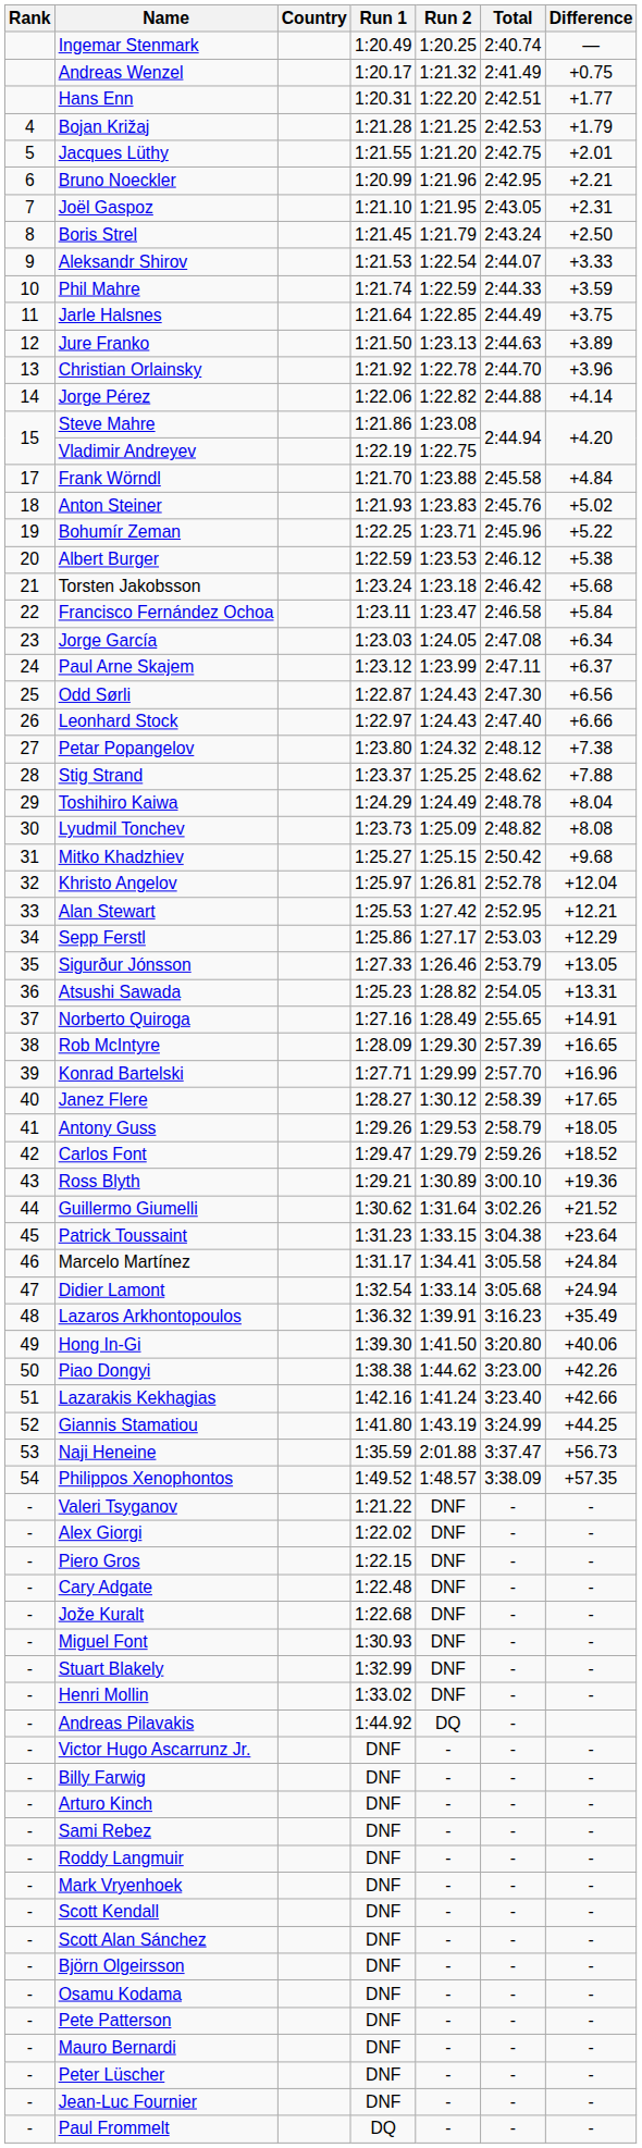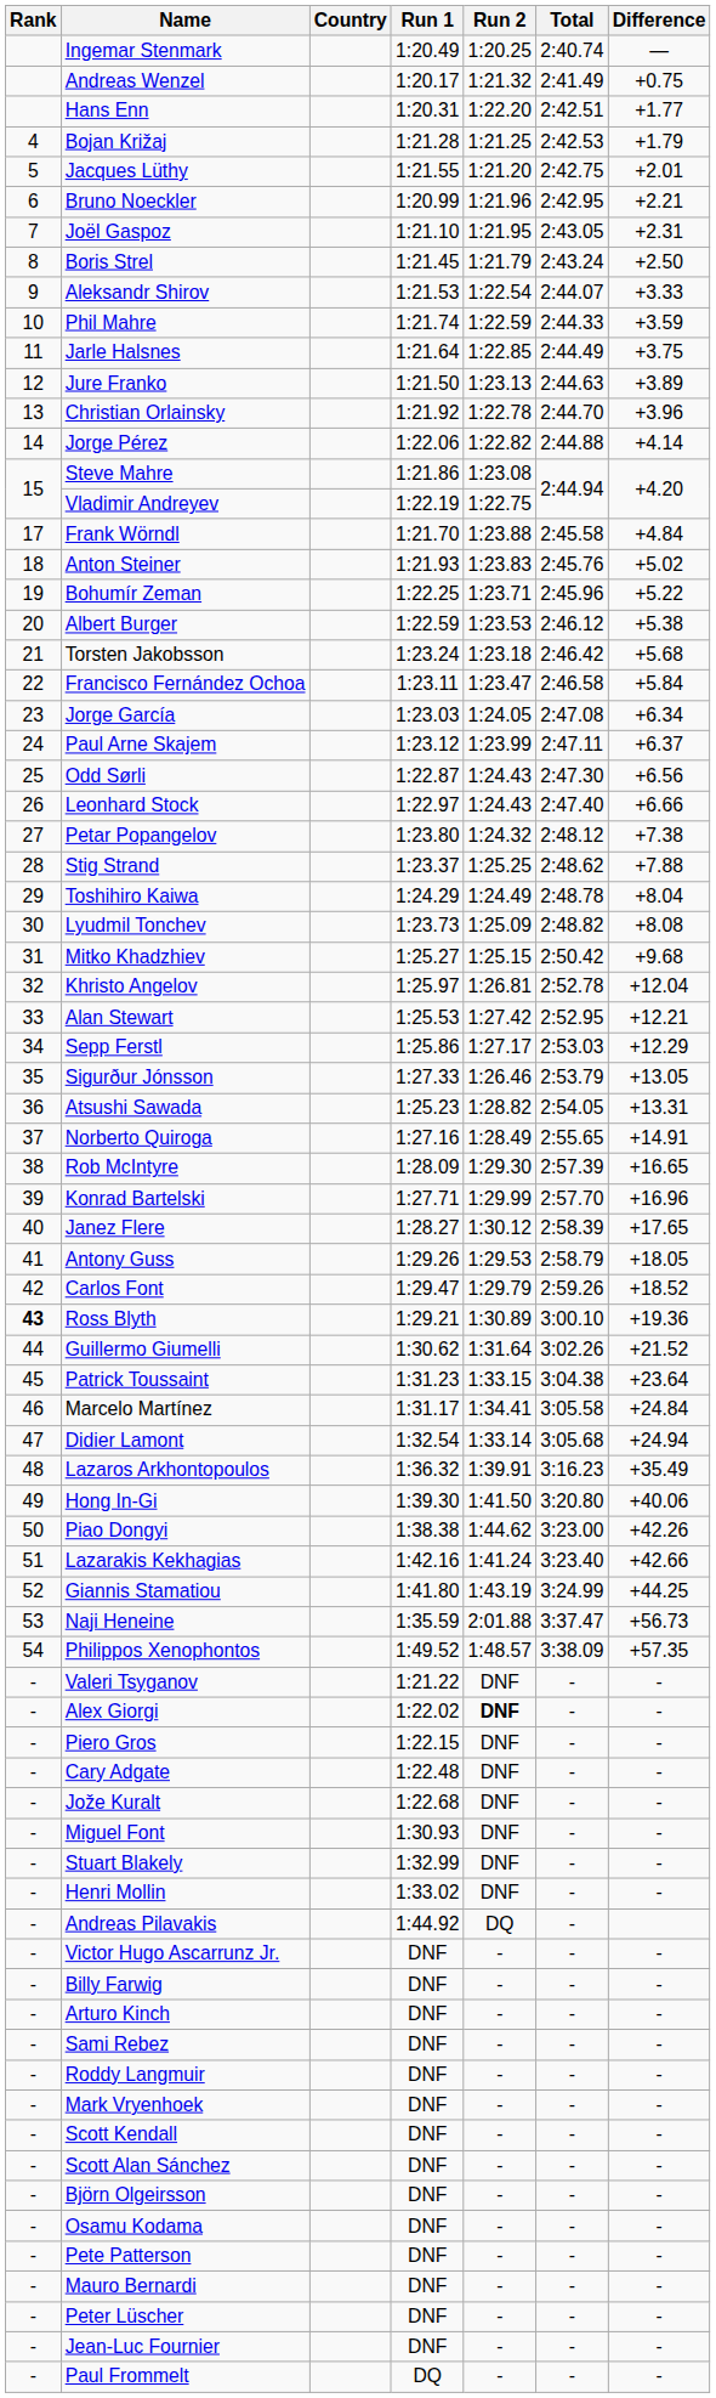 <table class="wikitable sortable" style="text-align:center">
 <tr>
 <th>Rank</th>
 <th>Name</th>
 <th>Country</th>
 <th>Run 1</th>
 <th>Run 2</th>
 <th>Total</th>
 <th>Difference</th>
 </tr>
 <tr>
 <td></td>
 <td align=left><a href='#'>Ingemar Stenmark</a></td>
 <td align=left></td>
 <td>1:20.49</td>
 <td>1:20.25</td>
 <td>2:40.74</td>
 <td>—</td>
 </tr>
 <tr>
 <td></td>
 <td align=left><a href='#'>Andreas Wenzel</a></td>
 <td align=left></td>
 <td>1:20.17</td>
 <td>1:21.32</td>
 <td>2:41.49</td>
 <td>+0.75</td>
 </tr>
 <tr>
 <td></td>
 <td align=left><a href='#'>Hans Enn</a></td>
 <td align=left></td>
 <td>1:20.31</td>
 <td>1:22.20</td>
 <td>2:42.51</td>
 <td>+1.77</td>
 </tr>
 <tr>
 <td>4</td>
 <td align=left><a href='#'>Bojan Križaj</a></td>
 <td align=left></td>
 <td>1:21.28</td>
 <td>1:21.25</td>
 <td>2:42.53</td>
 <td>+1.79</td>
 </tr>
 <tr>
 <td>5</td>
 <td align=left><a href='#'>Jacques Lüthy</a></td>
 <td align=left></td>
 <td>1:21.55</td>
 <td>1:21.20</td>
 <td>2:42.75</td>
 <td>+2.01</td>
 </tr>
 <tr>
 <td>6</td>
 <td align=left><a href='#'>Bruno Noeckler</a></td>
 <td align=left></td>
 <td>1:20.99</td>
 <td>1:21.96</td>
 <td>2:42.95</td>
 <td>+2.21</td>
 </tr>
 <tr>
 <td>7</td>
 <td align=left><a href='#'>Joël Gaspoz</a></td>
 <td align=left></td>
 <td>1:21.10</td>
 <td>1:21.95</td>
 <td>2:43.05</td>
 <td>+2.31</td>
 </tr>
 <tr>
 <td>8</td>
 <td align=left><a href='#'>Boris Strel</a></td>
 <td align=left></td>
 <td>1:21.45</td>
 <td>1:21.79</td>
 <td>2:43.24</td>
 <td>+2.50</td>
 </tr>
 <tr>
 <td>9</td>
 <td align=left><a href='#'>Aleksandr Shirov</a></td>
 <td align=left></td>
 <td>1:21.53</td>
 <td>1:22.54</td>
 <td>2:44.07</td>
 <td>+3.33</td>
 </tr>
 <tr>
 <td>10</td>
 <td align=left><a href='#'>Phil Mahre</a></td>
 <td align=left></td>
 <td>1:21.74</td>
 <td>1:22.59</td>
 <td>2:44.33</td>
 <td>+3.59</td>
 </tr>
 <tr>
 <td>11</td>
 <td align=left><a href='#'>Jarle Halsnes</a></td>
 <td align=left></td>
 <td>1:21.64</td>
 <td>1:22.85</td>
 <td>2:44.49</td>
 <td>+3.75</td>
 </tr>
 <tr>
 <td>12</td>
 <td align=left><a href='#'>Jure Franko</a></td>
 <td align=left></td>
 <td>1:21.50</td>
 <td>1:23.13</td>
 <td>2:44.63</td>
 <td>+3.89</td>
 </tr>
 <tr>
 <td>13</td>
 <td align=left><a href='#'>Christian Orlainsky</a></td>
 <td align=left></td>
 <td>1:21.92</td>
 <td>1:22.78</td>
 <td>2:44.70</td>
 <td>+3.96</td>
 </tr>
 <tr>
 <td>14</td>
 <td align=left><a href='#'>Jorge Pérez</a></td>
 <td align=left></td>
 <td>1:22.06</td>
 <td>1:22.82</td>
 <td>2:44.88</td>
 <td>+4.14</td>
 </tr>
 <tr>
 <td rowspan=2>15</td>
 <td align=left><a href='#'>Steve Mahre</a></td>
 <td align=left></td>
 <td>1:21.86</td>
 <td>1:23.08</td>
 <td rowspan=2>2:44.94</td>
 <td rowspan=2>+4.20</td>
 </tr>
 <tr>
 <td align=left><a href='#'>Vladimir Andreyev</a></td>
 <td align=left></td>
 <td>1:22.19</td>
 <td>1:22.75</td>
 </tr>
 <tr>
 <td>17</td>
 <td align=left><a href='#'>Frank Wörndl</a></td>
 <td align=left></td>
 <td>1:21.70</td>
 <td>1:23.88</td>
 <td>2:45.58</td>
 <td>+4.84</td>
 </tr>
 <tr>
 <td>18</td>
 <td align=left><a href='#'>Anton Steiner</a></td>
 <td align=left></td>
 <td>1:21.93</td>
 <td>1:23.83</td>
 <td>2:45.76</td>
 <td>+5.02</td>
 </tr>
 <tr>
 <td>19</td>
 <td align=left><a href='#'>Bohumír Zeman</a></td>
 <td align=left></td>
 <td>1:22.25</td>
 <td>1:23.71</td>
 <td>2:45.96</td>
 <td>+5.22</td>
 </tr>
 <tr>
 <td>20</td>
 <td align=left><a href='#'>Albert Burger</a></td>
 <td align=left></td>
 <td>1:22.59</td>
 <td>1:23.53</td>
 <td>2:46.12</td>
 <td>+5.38</td>
 </tr>
 <tr>
 <td>21</td>
 <td align=left>Torsten Jakobsson</td>
 <td align=left></td>
 <td>1:23.24</td>
 <td>1:23.18</td>
 <td>2:46.42</td>
 <td>+5.68</td>
 </tr>
 <tr>
 <td>22</td>
 <td align=left><a href='#'>Francisco Fernández Ochoa</a></td>
 <td align=left></td>
 <td>1:23.11</td>
 <td>1:23.47</td>
 <td>2:46.58</td>
 <td>+5.84</td>
 </tr>
 <tr>
 <td>23</td>
 <td align=left><a href='#'>Jorge García</a></td>
 <td align=left></td>
 <td>1:23.03</td>
 <td>1:24.05</td>
 <td>2:47.08</td>
 <td>+6.34</td>
 </tr>
 <tr>
 <td>24</td>
 <td align=left><a href='#'>Paul Arne Skajem</a></td>
 <td align=left></td>
 <td>1:23.12</td>
 <td>1:23.99</td>
 <td>2:47.11</td>
 <td>+6.37</td>
 </tr>
 <tr>
 <td>25</td>
 <td align=left><a href='#'>Odd Sørli</a></td>
 <td align=left></td>
 <td>1:22.87</td>
 <td>1:24.43</td>
 <td>2:47.30</td>
 <td>+6.56</td>
 </tr>
 <tr>
 <td>26</td>
 <td align=left><a href='#'>Leonhard Stock</a></td>
 <td align=left></td>
 <td>1:22.97</td>
 <td>1:24.43</td>
 <td>2:47.40</td>
 <td>+6.66</td>
 </tr>
 <tr>
 <td>27</td>
 <td align=left><a href='#'>Petar Popangelov</a></td>
 <td align=left></td>
 <td>1:23.80</td>
 <td>1:24.32</td>
 <td>2:48.12</td>
 <td>+7.38</td>
 </tr>
 <tr>
 <td>28</td>
 <td align=left><a href='#'>Stig Strand</a></td>
 <td align=left></td>
 <td>1:23.37</td>
 <td>1:25.25</td>
 <td>2:48.62</td>
 <td>+7.88</td>
 </tr>
 <tr>
 <td>29</td>
 <td align=left><a href='#'>Toshihiro Kaiwa</a></td>
 <td align=left></td>
 <td>1:24.29</td>
 <td>1:24.49</td>
 <td>2:48.78</td>
 <td>+8.04</td>
 </tr>
 <tr>
 <td>30</td>
 <td align=left><a href='#'>Lyudmil Tonchev</a></td>
 <td align=left></td>
 <td>1:23.73</td>
 <td>1:25.09</td>
 <td>2:48.82</td>
 <td>+8.08</td>
 </tr>
 <tr>
 <td>31</td>
 <td align=left><a href='#'>Mitko Khadzhiev</a></td>
 <td align=left></td>
 <td>1:25.27</td>
 <td>1:25.15</td>
 <td>2:50.42</td>
 <td>+9.68</td>
 </tr>
 <tr>
 <td>32</td>
 <td align=left><a href='#'>Khristo Angelov</a></td>
 <td align=left></td>
 <td>1:25.97</td>
 <td>1:26.81</td>
 <td>2:52.78</td>
 <td>+12.04</td>
 </tr>
 <tr>
 <td>33</td>
 <td align=left><a href='#'>Alan Stewart</a></td>
 <td align=left></td>
 <td>1:25.53</td>
 <td>1:27.42</td>
 <td>2:52.95</td>
 <td>+12.21</td>
 </tr>
 <tr>
 <td>34</td>
 <td align=left><a href='#'>Sepp Ferstl</a></td>
 <td align=left></td>
 <td>1:25.86</td>
 <td>1:27.17</td>
 <td>2:53.03</td>
 <td>+12.29</td>
 </tr>
 <tr>
 <td>35</td>
 <td align=left><a href='#'>Sigurður Jónsson</a></td>
 <td align=left></td>
 <td>1:27.33</td>
 <td>1:26.46</td>
 <td>2:53.79</td>
 <td>+13.05</td>
 </tr>
 <tr>
 <td>36</td>
 <td align=left><a href='#'>Atsushi Sawada</a></td>
 <td align=left></td>
 <td>1:25.23</td>
 <td>1:28.82</td>
 <td>2:54.05</td>
 <td>+13.31</td>
 </tr>
 <tr>
 <td>37</td>
 <td align=left><a href='#'>Norberto Quiroga</a></td>
 <td align=left></td>
 <td>1:27.16</td>
 <td>1:28.49</td>
 <td>2:55.65</td>
 <td>+14.91</td>
 </tr>
 <tr>
 <td>38</td>
 <td align=left><a href='#'>Rob McIntyre</a></td>
 <td align=left></td>
 <td>1:28.09</td>
 <td>1:29.30</td>
 <td>2:57.39</td>
 <td>+16.65</td>
 </tr>
 <tr>
 <td>39</td>
 <td align=left><a href='#'>Konrad Bartelski</a></td>
 <td align=left></td>
 <td>1:27.71</td>
 <td>1:29.99</td>
 <td>2:57.70</td>
 <td>+16.96</td>
 </tr>
 <tr>
 <td>40</td>
 <td align=left><a href='#'>Janez Flere</a></td>
 <td align=left></td>
 <td>1:28.27</td>
 <td>1:30.12</td>
 <td>2:58.39</td>
 <td>+17.65</td>
 </tr>
 <tr>
 <td>41</td>
 <td align=left><a href='#'>Antony Guss</a></td>
 <td align=left></td>
 <td>1:29.26</td>
 <td>1:29.53</td>
 <td>2:58.79</td>
 <td>+18.05</td>
 </tr>
 <tr>
 <td>42</td>
 <td align=left><a href='#'>Carlos Font</a></td>
 <td align=left></td>
 <td>1:29.47</td>
 <td>1:29.79</td>
 <td>2:59.26</td>
 <td>+18.52</td>
 </tr>
 <tr>
-<td>43</td>
+<td><strong>43</strong></td>
 <td align=left><a href='#'>Ross Blyth</a></td>
 <td align=left></td>
 <td>1:29.21</td>
 <td>1:30.89</td>
 <td>3:00.10</td>
 <td>+19.36</td>
 </tr>
 <tr>
 <td>44</td>
 <td align=left><a href='#'>Guillermo Giumelli</a></td>
 <td align=left></td>
 <td>1:30.62</td>
 <td>1:31.64</td>
 <td>3:02.26</td>
 <td>+21.52</td>
 </tr>
 <tr>
 <td>45</td>
 <td align=left><a href='#'>Patrick Toussaint</a></td>
 <td align=left></td>
 <td>1:31.23</td>
 <td>1:33.15</td>
 <td>3:04.38</td>
 <td>+23.64</td>
 </tr>
 <tr>
 <td>46</td>
 <td align=left>Marcelo Martínez</td>
 <td align=left></td>
 <td>1:31.17</td>
 <td>1:34.41</td>
 <td>3:05.58</td>
 <td>+24.84</td>
 </tr>
 <tr>
 <td>47</td>
 <td align=left><a href='#'>Didier Lamont</a></td>
 <td align=left></td>
 <td>1:32.54</td>
 <td>1:33.14</td>
 <td>3:05.68</td>
 <td>+24.94</td>
 </tr>
 <tr>
 <td>48</td>
 <td align=left><a href='#'>Lazaros Arkhontopoulos</a></td>
 <td align=left></td>
 <td>1:36.32</td>
 <td>1:39.91</td>
 <td>3:16.23</td>
 <td>+35.49</td>
 </tr>
 <tr>
 <td>49</td>
 <td align=left><a href='#'>Hong In-Gi</a></td>
 <td align=left></td>
 <td>1:39.30</td>
 <td>1:41.50</td>
 <td>3:20.80</td>
 <td>+40.06</td>
 </tr>
 <tr>
 <td>50</td>
 <td align=left><a href='#'>Piao Dongyi</a></td>
 <td align=left></td>
 <td>1:38.38</td>
 <td>1:44.62</td>
 <td>3:23.00</td>
 <td>+42.26</td>
 </tr>
 <tr>
 <td>51</td>
 <td align=left><a href='#'>Lazarakis Kekhagias</a></td>
 <td align=left></td>
 <td>1:42.16</td>
 <td>1:41.24</td>
 <td>3:23.40</td>
 <td>+42.66</td>
 </tr>
 <tr>
 <td>52</td>
 <td align=left><a href='#'>Giannis Stamatiou</a></td>
 <td align=left></td>
 <td>1:41.80</td>
 <td>1:43.19</td>
 <td>3:24.99</td>
 <td>+44.25</td>
 </tr>
 <tr>
 <td>53</td>
 <td align=left><a href='#'>Naji Heneine</a></td>
 <td align=left></td>
 <td>1:35.59</td>
 <td>2:01.88</td>
 <td>3:37.47</td>
 <td>+56.73</td>
 </tr>
 <tr>
 <td>54</td>
 <td align=left><a href='#'>Philippos Xenophontos</a></td>
 <td align=left></td>
 <td>1:49.52</td>
 <td>1:48.57</td>
 <td>3:38.09</td>
 <td>+57.35</td>
 </tr>
 <tr>
 <td>-</td>
 <td align=left><a href='#'>Valeri Tsyganov</a></td>
 <td align=left></td>
 <td>1:21.22</td>
 <td>DNF</td>
 <td>-</td>
 <td>-</td>
 </tr>
 <tr>
 <td>-</td>
 <td align=left><a href='#'>Alex Giorgi</a></td>
 <td align=left></td>
 <td>1:22.02</td>
-<td>DNF</td>
+<td><strong>DNF</strong></td>
 <td>-</td>
 <td>-</td>
 </tr>
 <tr>
 <td>-</td>
 <td align=left><a href='#'>Piero Gros</a></td>
 <td align=left></td>
 <td>1:22.15</td>
 <td>DNF</td>
 <td>-</td>
 <td>-</td>
 </tr>
 <tr>
 <td>-</td>
 <td align=left><a href='#'>Cary Adgate</a></td>
 <td align=left></td>
 <td>1:22.48</td>
 <td>DNF</td>
 <td>-</td>
 <td>-</td>
 </tr>
 <tr>
 <td>-</td>
 <td align=left><a href='#'>Jože Kuralt</a></td>
 <td align=left></td>
 <td>1:22.68</td>
 <td>DNF</td>
 <td>-</td>
 <td>-</td>
 </tr>
 <tr>
 <td>-</td>
 <td align=left><a href='#'>Miguel Font</a></td>
 <td align=left></td>
 <td>1:30.93</td>
 <td>DNF</td>
 <td>-</td>
 <td>-</td>
 </tr>
 <tr>
 <td>-</td>
 <td align=left><a href='#'>Stuart Blakely</a></td>
 <td align=left></td>
 <td>1:32.99</td>
 <td>DNF</td>
 <td>-</td>
 <td>-</td>
 </tr>
 <tr>
 <td>-</td>
 <td align=left><a href='#'>Henri Mollin</a></td>
 <td align=left></td>
 <td>1:33.02</td>
 <td>DNF</td>
 <td>-</td>
 <td>-</td>
 </tr>
 <tr>
 <td>-</td>
 <td align=left><a href='#'>Andreas Pilavakis</a></td>
 <td align=left></td>
 <td>1:44.92</td>
 <td>DQ</td>
 <td ->-</td>
 </tr>
 <tr>
 <td>-</td>
 <td align=left><a href='#'>Victor Hugo Ascarrunz Jr.</a></td>
 <td align=left></td>
 <td>DNF</td>
 <td>-</td>
 <td>-</td>
 <td>-</td>
 </tr>
 <tr>
 <td>-</td>
 <td align=left><a href='#'>Billy Farwig</a></td>
 <td align=left></td>
 <td>DNF</td>
 <td>-</td>
 <td>-</td>
 <td>-</td>
 </tr>
 <tr>
 <td>-</td>
 <td align=left><a href='#'>Arturo Kinch</a></td>
 <td align=left></td>
 <td>DNF</td>
 <td>-</td>
 <td>-</td>
 <td>-</td>
 </tr>
 <tr>
 <td>-</td>
 <td align=left><a href='#'>Sami Rebez</a></td>
 <td align=left></td>
 <td>DNF</td>
 <td>-</td>
 <td>-</td>
 <td>-</td>
 </tr>
 <tr>
 <td>-</td>
 <td align=left><a href='#'>Roddy Langmuir</a></td>
 <td align=left></td>
 <td>DNF</td>
 <td>-</td>
 <td>-</td>
 <td>-</td>
 </tr>
 <tr>
 <td>-</td>
 <td align=left><a href='#'>Mark Vryenhoek</a></td>
 <td align=left></td>
 <td>DNF</td>
 <td>-</td>
 <td>-</td>
 <td>-</td>
 </tr>
 <tr>
 <td>-</td>
 <td align=left><a href='#'>Scott Kendall</a></td>
 <td align=left></td>
 <td>DNF</td>
 <td>-</td>
 <td>-</td>
 <td>-</td>
 </tr>
 <tr>
 <td>-</td>
 <td align=left><a href='#'>Scott Alan Sánchez</a></td>
 <td align=left></td>
 <td>DNF</td>
 <td>-</td>
 <td>-</td>
 <td>-</td>
 </tr>
 <tr>
 <td>-</td>
 <td align=left><a href='#'>Björn Olgeirsson</a></td>
 <td align=left></td>
 <td>DNF</td>
 <td>-</td>
 <td>-</td>
 <td>-</td>
 </tr>
 <tr>
 <td>-</td>
 <td align=left><a href='#'>Osamu Kodama</a></td>
 <td align=left></td>
 <td>DNF</td>
 <td>-</td>
 <td>-</td>
 <td>-</td>
 </tr>
 <tr>
 <td>-</td>
 <td align=left><a href='#'>Pete Patterson</a></td>
 <td align=left></td>
 <td>DNF</td>
 <td>-</td>
 <td>-</td>
 <td>-</td>
 </tr>
 <tr>
 <td>-</td>
 <td align=left><a href='#'>Mauro Bernardi</a></td>
 <td align=left></td>
 <td>DNF</td>
 <td>-</td>
 <td>-</td>
 <td>-</td>
 </tr>
 <tr>
 <td>-</td>
 <td align=left><a href='#'>Peter Lüscher</a></td>
 <td align=left></td>
 <td>DNF</td>
 <td>-</td>
 <td>-</td>
 <td>-</td>
 </tr>
 <tr>
 <td>-</td>
 <td align=left><a href='#'>Jean-Luc Fournier</a></td>
 <td align=left></td>
 <td>DNF</td>
 <td>-</td>
 <td>-</td>
 <td>-</td>
 </tr>
 <tr>
 <td>-</td>
 <td align=left><a href='#'>Paul Frommelt</a></td>
 <td align=left></td>
 <td>DQ</td>
 <td>-</td>
 <td>-</td>
 <td>-</td>
 </tr>
 </table>
